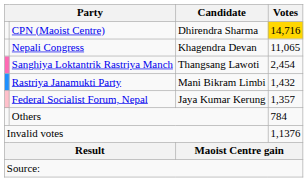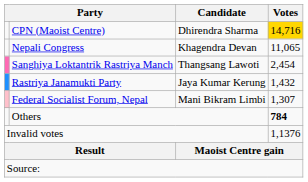 <table class="wikitable">
 <tr>
 <th colspan="2">Party</th>
 <th>Candidate</th>
 <th>Votes</th>
 </tr>
 <tr>
 <td style="background-color:"></td>
 <td><a href='#'>CPN (Maoist Centre)</a></td>
 <td>Dhirendra Sharma</td>
 <td style="background: gold;">14,716</td>
 </tr>
 <tr>
 <td style="background-color:"></td>
 <td><a href='#'>Nepali Congress</a></td>
 <td>Khagendra Devan</td>
 <td>11,065</td>
 </tr>
 <tr>
 <td style="background-color:hotpink"></td>
 <td><a href='#'>Sanghiya Loktantrik Rastriya Manch</a></td>
 <td>Thangsang Lawoti</td>
 <td>2,454</td>
 </tr>
 <tr>
 <td style="background-color:dodgerblue"></td>
 <td><a href='#'>Rastriya Janamukti Party</a></td>
-<td>Mani Bikram Limbi</td>
+<td>Jaya Kumar Kerung</td>
 <td>1,432</td>
 </tr>
 <tr>
 <td style="background-color:pink"></td>
 <td><a href='#'>Federal Socialist Forum, Nepal</a></td>
-<td>Jaya Kumar Kerung</td>
-<td>1,357</td>
+<td>Mani Bikram Limbi</td>
+<td>1,307</td>
 </tr>
 <tr>
 <td></td>
 <td colspan="2">Others</td>
-<td>784</td>
+<td><strong>784</strong></td>
 </tr>
 <tr>
 <td colspan="3">Invalid votes</td>
 <td>1,1376</td>
 </tr>
 <tr>
 <th colspan="2">Result</th>
 <th colspan="2">Maoist Centre gain</th>
 </tr>
 <tr>
 <td colspan="4">Source: </td>
 </tr>
 </table>
